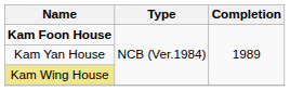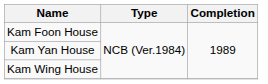 <table class="wikitable" style="text-align: center">
 <tr>
 <th>Name</th>
 <th>Type</th>
 <th>Completion</th>
 </tr>
 <tr>
-<td><strong>Kam Foon House</strong></td>
+<td>Kam Foon House</td>
 <td rowspan="3">NCB (Ver.1984)</td>
 <td rowspan="3">1989</td>
 </tr>
 <tr>
 <td>Kam Yan House</td>
 </tr>
 <tr>
-<td style="background: khaki;">Kam Wing House</td>
+<td>Kam Wing House</td>
 </tr>
 <tr>
 </tr>
 </table>
